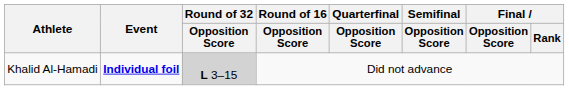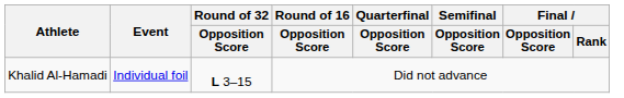 <table class="wikitable" style="font-size:90%">
 <tr>
 <th rowspan="2">Athlete</th>
 <th rowspan="2">Event</th>
 <th>Round of 32</th>
 <th>Round of 16</th>
 <th>Quarterfinal</th>
 <th>Semifinal</th>
 <th colspan=2>Final / </th>
 </tr>
 <tr style="font-size:95%">
 <th>Opposition <br> Score</th>
 <th>Opposition <br> Score</th>
 <th>Opposition <br> Score</th>
 <th>Opposition <br> Score</th>
 <th>Opposition <br> Score</th>
 <th>Rank</th>
 </tr>
 <tr align=center>
 <td align=left>Khalid Al-Hamadi</td>
-<td align=left><strong><a href='#'>Individual foil</a></strong></td>
-<td style="background: lightgrey;"><br><strong>L</strong> 3–15</td>
+<td align=left><a href='#'>Individual foil</a></td>
+<td><br><strong>L</strong> 3–15</td>
 <td colspan=6>Did not advance</td>
 </tr>
 </table>
